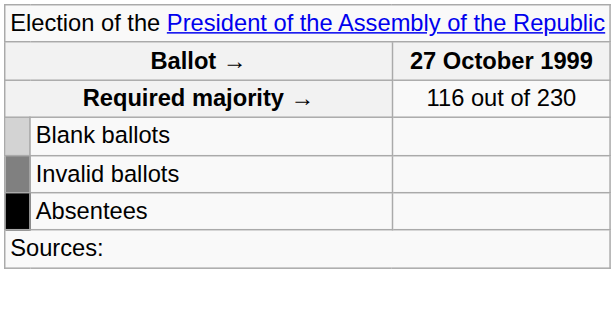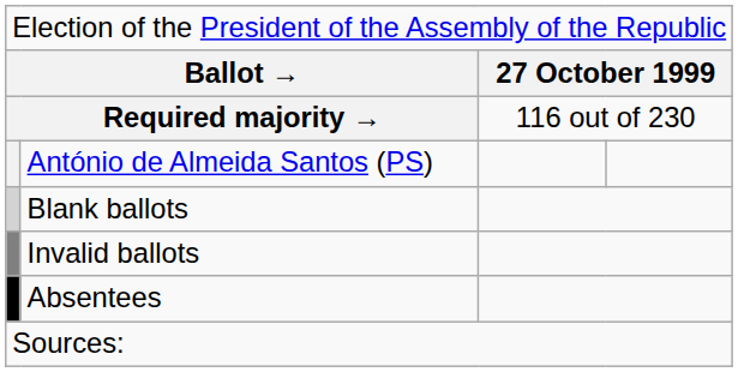 <table class="wikitable" style="text-align:center;">
 <tr>
 <td colspan="4" align="center">Election of the <a href='#'>President of the Assembly of the Republic</a></td>
 </tr>
 <tr>
 <th colspan="2" width="225px">Ballot →</th>
 <th colspan="2">27 October 1999</th>
 </tr>
 <tr>
 <th colspan="2">Required majority →</th>
 <td colspan="2">116 out of 230</td>
+</tr>
+<tr>
+<th width="1px" style="background:"></th>
+<td align="left"><a href='#'>António de Almeida Santos</a> (<a href='#'>PS</a>)</td>
+<td></td>
+<td></td>
 </tr>
 <tr>
 <th style="background:lightgray;"></th>
 <td align="left">Blank ballots</td>
 <td colspan="2"></td>
 </tr>
 <tr>
 <th style="background:gray;"></th>
 <td align="left">Invalid ballots</td>
 <td colspan="2"></td>
 </tr>
 <tr>
 <th style="background:black;"></th>
 <td align="left">Absentees</td>
 <td colspan="2"></td>
 </tr>
 <tr>
 <td align="left" colspan="4">Sources:</td>
 </tr>
 </table>
